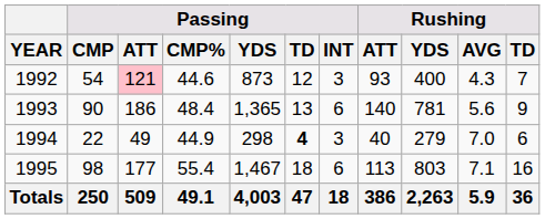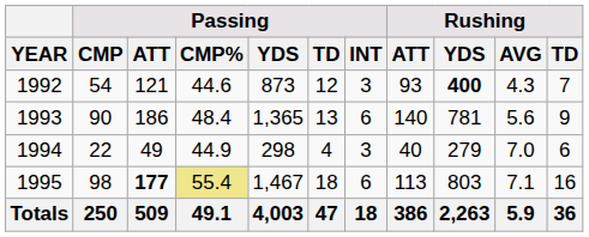 <table class=wikitable style="text-align:center">
 <tr>
 <th></th>
 <th colspan="6" style="background:#e7e3e7;">Passing</th>
 <th colspan="4" style="background:#e7e3e7;">Rushing</th>
 </tr>
 <tr>
 <th>YEAR</th>
 <th>CMP</th>
 <th>ATT</th>
 <th>CMP%</th>
 <th>YDS</th>
 <th>TD</th>
 <th>INT</th>
 <th>ATT</th>
 <th>YDS</th>
 <th>AVG</th>
 <th>TD</th>
 </tr>
 <tr>
 <td>1992</td>
 <td>54</td>
-<td style="background: pink;">121</td>
+<td>121</td>
 <td>44.6</td>
 <td>873</td>
 <td>12</td>
 <td>3</td>
 <td>93</td>
-<td>400</td>
+<td><strong>400</strong></td>
 <td>4.3</td>
 <td>7</td>
 </tr>
 <tr>
 <td>1993</td>
 <td>90</td>
 <td>186</td>
 <td>48.4</td>
 <td>1,365</td>
 <td>13</td>
 <td>6</td>
 <td>140</td>
 <td>781</td>
 <td>5.6</td>
 <td>9</td>
 </tr>
 <tr>
 <td>1994</td>
 <td>22</td>
 <td>49</td>
 <td>44.9</td>
 <td>298</td>
-<td><strong>4</strong></td>
+<td>4</td>
 <td>3</td>
 <td>40</td>
 <td>279</td>
 <td>7.0</td>
 <td>6</td>
 </tr>
 <tr>
 <td>1995</td>
 <td>98</td>
-<td>177</td>
-<td>55.4</td>
+<td><strong>177</strong></td>
+<td style="background: khaki;">55.4</td>
 <td>1,467</td>
 <td>18</td>
 <td>6</td>
 <td>113</td>
 <td>803</td>
 <td>7.1</td>
 <td>16</td>
 </tr>
 <tr>
 <th>Totals</th>
 <th>250</th>
 <th>509</th>
 <th>49.1</th>
 <th>4,003</th>
 <th>47</th>
 <th>18</th>
 <th>386</th>
 <th>2,263</th>
 <th>5.9</th>
 <th>36</th>
 </tr>
 </table>
